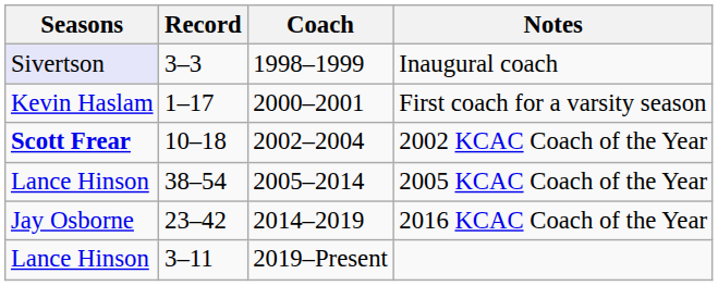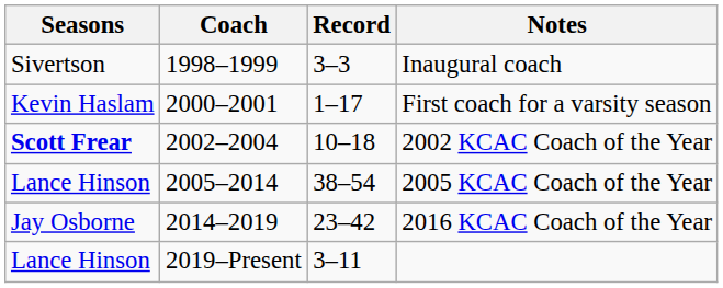 <table class="wikitable" border="1">
 <tr>
 <th>Seasons</th>
+<th>Coach</th>
 <th>Record</th>
-<th>Coach</th>
 <th>Notes</th>
 </tr>
 <tr>
-<td style="background: lavender;">Sivertson</td>
+<td>Sivertson</td>
+<td>1998–1999</td>
 <td>3–3</td>
-<td>1998–1999</td>
 <td>Inaugural coach</td>
 </tr>
 <tr>
 <td><a href='#'>Kevin Haslam</a></td>
+<td>2000–2001</td>
 <td>1–17</td>
-<td>2000–2001</td>
 <td>First coach for a varsity season</td>
 </tr>
 <tr>
 <td><strong><a href='#'>Scott Frear</a></strong></td>
+<td>2002–2004</td>
 <td>10–18</td>
-<td>2002–2004</td>
 <td>2002 <a href='#'>KCAC</a> Coach of the Year</td>
 </tr>
 <tr>
 <td><a href='#'>Lance Hinson</a></td>
+<td>2005–2014</td>
 <td>38–54</td>
-<td>2005–2014</td>
 <td>2005 <a href='#'>KCAC</a> Coach of the Year</td>
 </tr>
 <tr>
 <td><a href='#'>Jay Osborne</a></td>
+<td>2014–2019</td>
 <td>23–42</td>
-<td>2014–2019</td>
 <td>2016 <a href='#'>KCAC</a> Coach of the Year</td>
 </tr>
 <tr>
 <td><a href='#'>Lance Hinson</a></td>
+<td>2019–Present</td>
 <td>3–11</td>
-<td>2019–Present</td>
 <td></td>
 </tr>
 </table>
